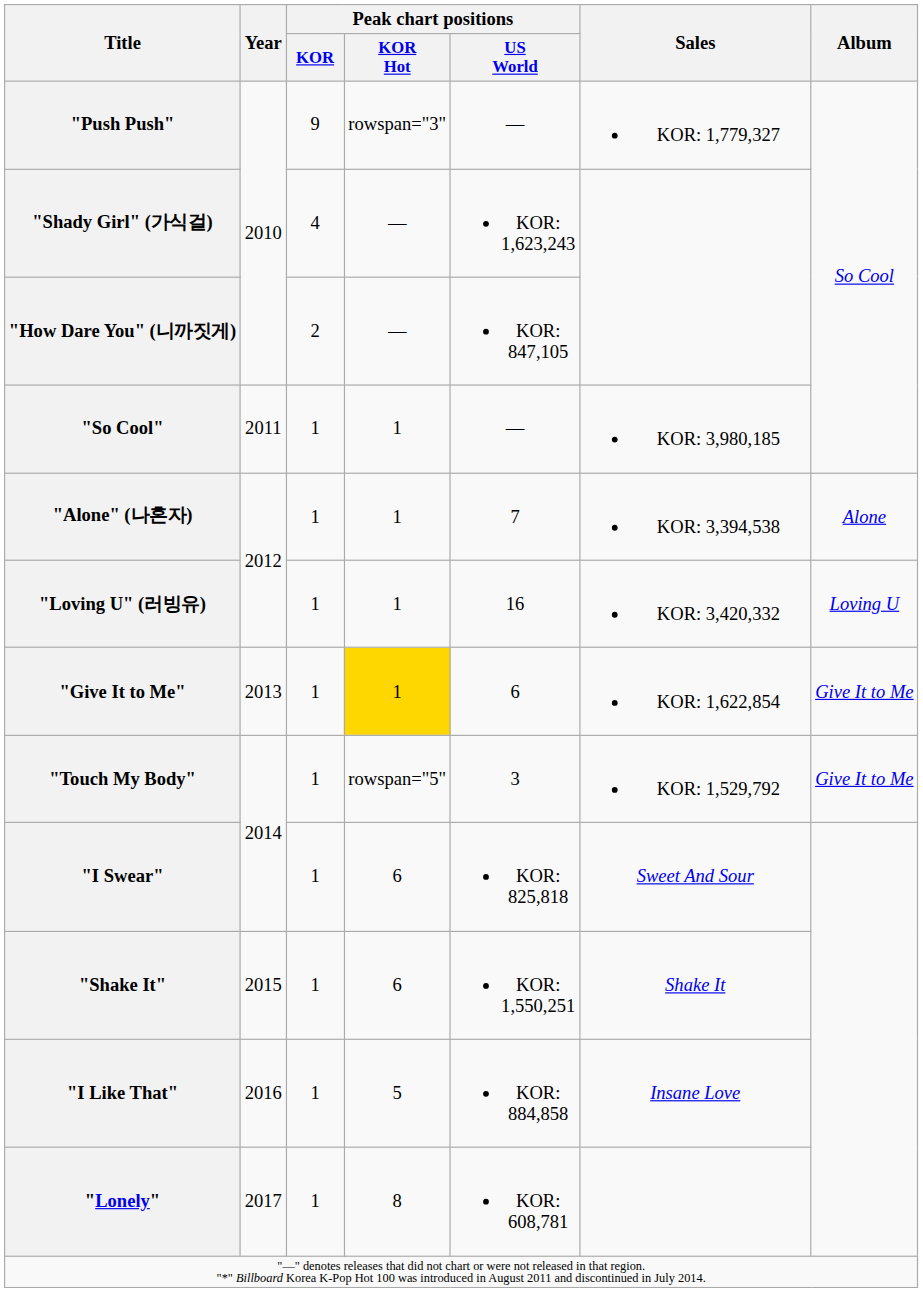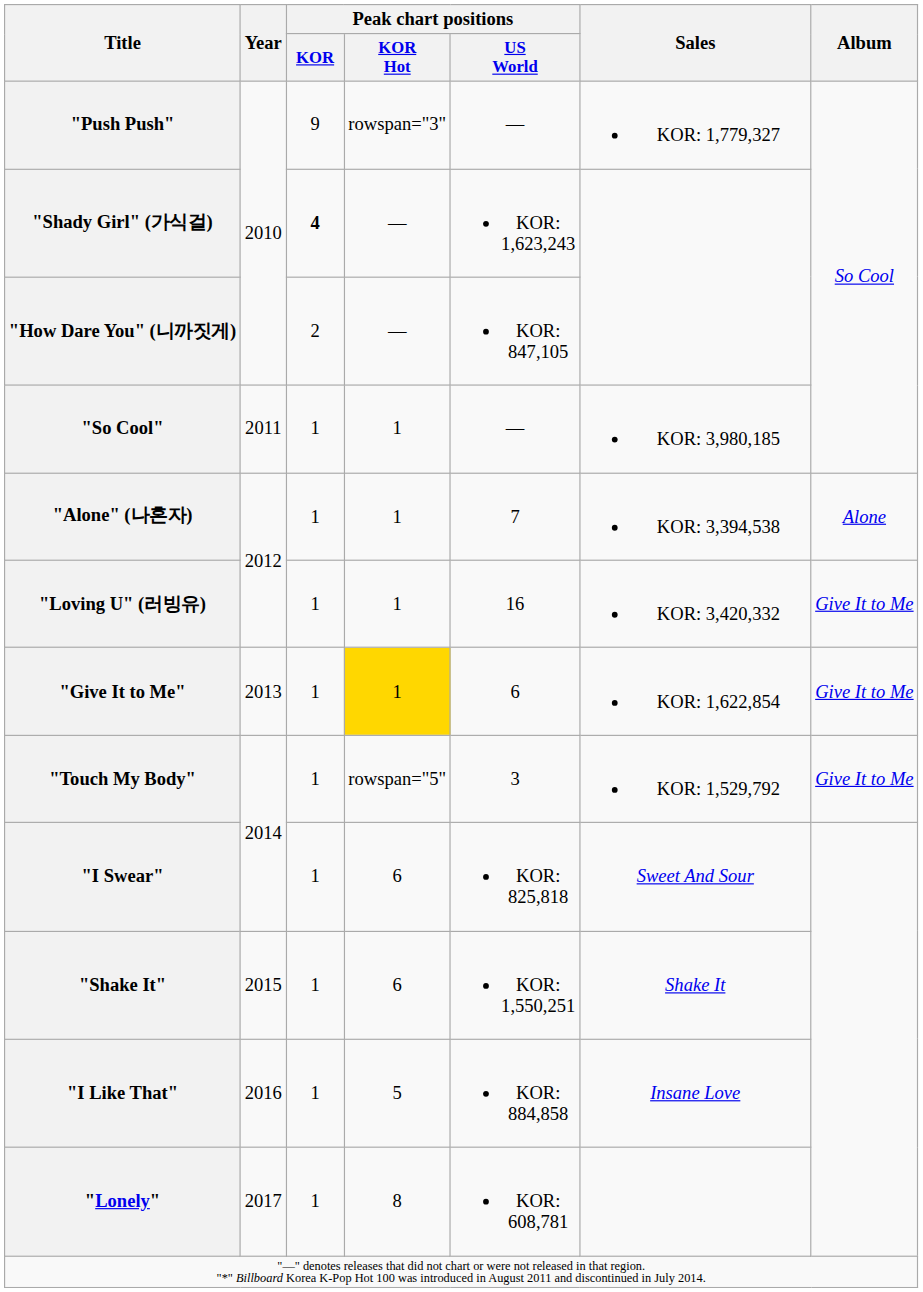 <table class="wikitable plainrowheaders" style="text-align:center">
 <tr>
 <th scope="col" rowspan="2">Title</th>
 <th scope="col" rowspan="2">Year</th>
 <th scope="col" colspan="3">Peak chart positions</th>
 <th scope="col" rowspan="2" style="width:12em;">Sales</th>
 <th scope="col" rowspan="2">Album</th>
 </tr>
 <tr>
 <th scope="col" style="width:3em;font-size:90%;"><a href='#'>KOR</a><br></th>
 <th scope="col" style="width:3em;font-size:90%;"><a href='#'>KOR<br>Hot</a><br></th>
 <th scope="col" style="width:3em;font-size:90%;"><a href='#'>US<br>World</a><br></th>
 </tr>
 <tr>
 <th scope="row">"Push Push"</th>
 <td rowspan="3">2010</td>
 <td>9</td>
 <td>rowspan="3" </td>
 <td>—</td>
 <td><br><ul><li>KOR: 1,779,327</li></ul></td>
 <td rowspan="4"><em><a href='#'>So Cool</a></em></td>
 </tr>
 <tr>
 <th scope="row">"Shady Girl" (가식걸)</th>
-<td>4</td>
+<td><strong>4</strong></td>
 <td>—</td>
 <td><br><ul><li>KOR: 1,623,243</li></ul></td>
 </tr>
 <tr>
 <th scope="row">"How Dare You" (니까짓게)</th>
 <td>2</td>
 <td>—</td>
 <td><br><ul><li>KOR: 847,105</li></ul></td>
 </tr>
 <tr>
 <th scope="row">"So Cool"</th>
 <td>2011</td>
 <td>1</td>
 <td>1</td>
 <td>—</td>
 <td><br><ul><li>KOR: 3,980,185</li></ul></td>
 </tr>
 <tr>
 <th scope="row">"Alone" (나혼자)</th>
 <td rowspan="2">2012</td>
 <td>1</td>
 <td>1</td>
 <td>7</td>
 <td><br><ul><li>KOR: 3,394,538</li></ul></td>
 <td><em><a href='#'>Alone</a></em></td>
 </tr>
 <tr>
 <th scope="row">"Loving U" (러빙유)</th>
 <td>1</td>
 <td>1</td>
 <td>16</td>
 <td><br><ul><li>KOR: 3,420,332</li></ul></td>
-<td><em><a href='#'>Loving U</a></em></td>
+<td><em><a href='#'>Give It to Me</a></em></td>
 </tr>
 <tr>
 <th scope="row">"Give It to Me"</th>
 <td>2013</td>
 <td>1</td>
 <td style="background: gold;">1</td>
 <td>6</td>
 <td><br><ul><li>KOR: 1,622,854</li></ul></td>
 <td><em><a href='#'>Give It to Me</a></em></td>
 </tr>
 <tr>
 <th scope="row">"Touch My Body"</th>
 <td rowspan="2">2014</td>
 <td>1</td>
 <td>rowspan="5" </td>
 <td>3</td>
 <td><br><ul><li>KOR: 1,529,792</li></ul></td>
 <td><em><a href='#'>Give It to Me</a></em></td>
 </tr>
 <tr>
 <th scope="row">"I Swear"</th>
 <td>1</td>
 <td>6</td>
 <td><br><ul><li>KOR: 825,818</li></ul></td>
 <td><em><a href='#'>Sweet And Sour</a></em></td>
 </tr>
 <tr>
 <th scope="row">"Shake It"</th>
 <td>2015</td>
 <td>1</td>
 <td>6</td>
 <td><br><ul><li>KOR: 1,550,251</li></ul></td>
 <td><em><a href='#'>Shake It</a></em></td>
 </tr>
 <tr>
 <th scope="row">"I Like That"</th>
 <td>2016</td>
 <td>1</td>
 <td>5</td>
 <td><br><ul><li>KOR: 884,858</li></ul></td>
 <td><em><a href='#'>Insane Love</a></em></td>
 </tr>
 <tr>
 <th scope="row">"<a href='#'>Lonely</a>"</th>
 <td>2017</td>
 <td>1</td>
 <td>8</td>
 <td><br><ul><li>KOR: 608,781</li></ul></td>
 <td></td>
 </tr>
 <tr>
 <td colspan="7" style="font-size:8pt;">"—" denotes releases that did not chart or were not released in that region.<br> "*" <em>Billboard</em> Korea K-Pop Hot 100 was introduced in August 2011 and discontinued in July 2014.<br></td>
 </tr>
 </table>
